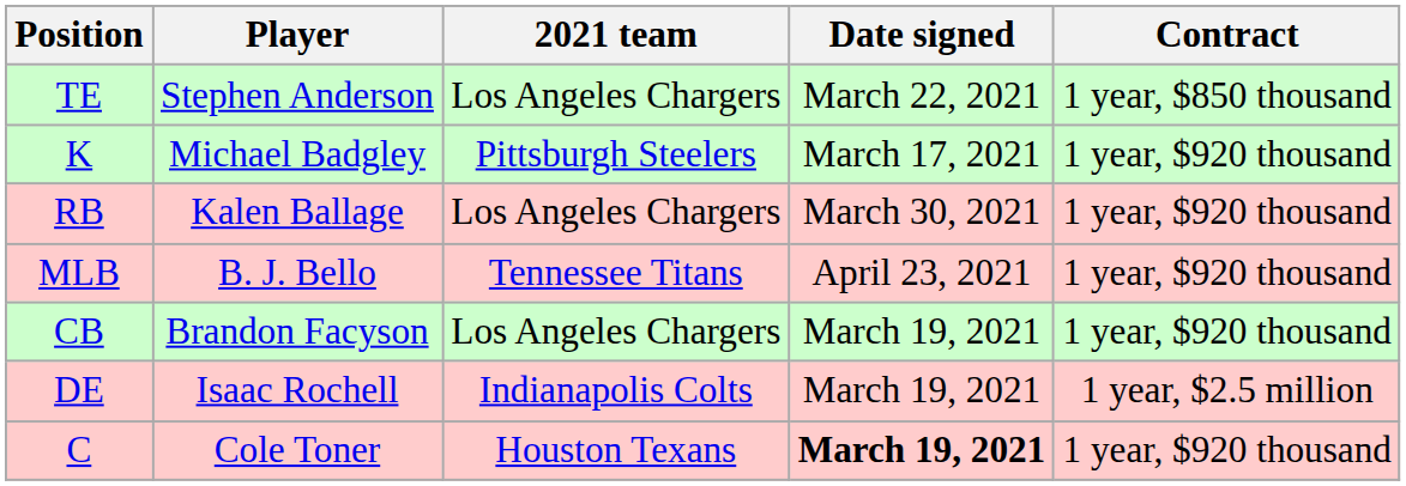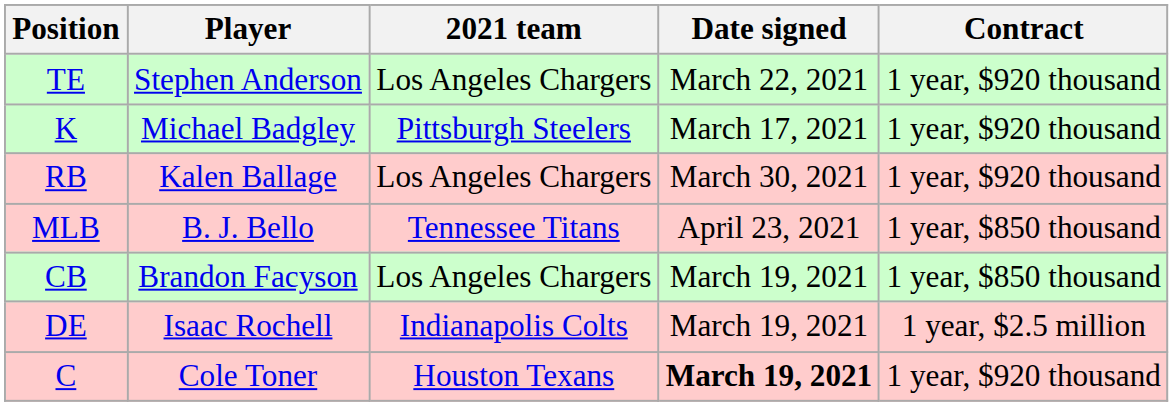 <table class="wikitable" style="text-align:center">
 <tr>
 <th>Position</th>
 <th>Player</th>
 <th>2021 team</th>
 <th>Date signed</th>
 <th>Contract</th>
 </tr>
 <tr style="background:#cfc">
 <td><a href='#'>TE</a></td>
 <td><a href='#'>Stephen Anderson</a></td>
 <td>Los Angeles Chargers</td>
 <td>March 22, 2021</td>
-<td>1 year, $850 thousand</td>
+<td>1 year, $920 thousand</td>
 </tr>
 <tr style="background:#cfc">
 <td><a href='#'>K</a></td>
 <td><a href='#'>Michael Badgley</a></td>
 <td><a href='#'>Pittsburgh Steelers</a></td>
 <td>March 17, 2021</td>
 <td>1 year, $920 thousand</td>
 </tr>
 <tr style="background:#fcc">
 <td><a href='#'>RB</a></td>
 <td><a href='#'>Kalen Ballage</a></td>
 <td>Los Angeles Chargers</td>
 <td>March 30, 2021</td>
 <td>1 year, $920 thousand</td>
 </tr>
 <tr style="background:#fcc">
 <td><a href='#'>MLB</a></td>
 <td><a href='#'>B. J. Bello</a></td>
 <td><a href='#'>Tennessee Titans</a></td>
 <td>April 23, 2021</td>
-<td>1 year, $920 thousand</td>
+<td>1 year, $850 thousand</td>
 </tr>
 <tr style="background:#cfc">
 <td><a href='#'>CB</a></td>
 <td><a href='#'>Brandon Facyson</a></td>
 <td>Los Angeles Chargers</td>
 <td>March 19, 2021</td>
-<td>1 year, $920 thousand</td>
+<td>1 year, $850 thousand</td>
 </tr>
 <tr style="background:#fcc">
 <td><a href='#'>DE</a></td>
 <td><a href='#'>Isaac Rochell</a></td>
 <td><a href='#'>Indianapolis Colts</a></td>
 <td>March 19, 2021</td>
 <td>1 year, $2.5 million</td>
 </tr>
 <tr style="background:#fcc">
 <td><a href='#'>C</a></td>
 <td><a href='#'>Cole Toner</a></td>
 <td><a href='#'>Houston Texans</a></td>
 <td><strong>March 19, 2021</strong></td>
 <td>1 year, $920 thousand</td>
 </tr>
 </table>
